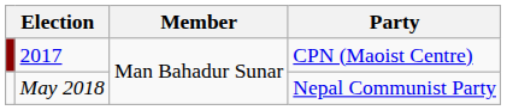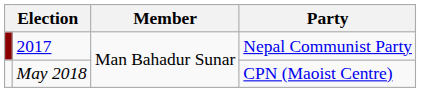 <table class="wikitable">
 <tr>
 <th colspan="2">Election</th>
 <th>Member</th>
 <th>Party</th>
 </tr>
 <tr>
 <td style="background-color:darkred"></td>
 <td><a href='#'>2017</a></td>
 <td rowspan="2">Man Bahadur Sunar</td>
-<td><a href='#'>CPN (Maoist Centre)</a></td>
+<td><a href='#'>Nepal Communist Party</a></td>
 </tr>
 <tr>
 <td style="background-color:"></td>
 <td><em>May 2018</em></td>
-<td><a href='#'>Nepal Communist Party</a></td>
+<td><a href='#'>CPN (Maoist Centre)</a></td>
 </tr>
 </table>
